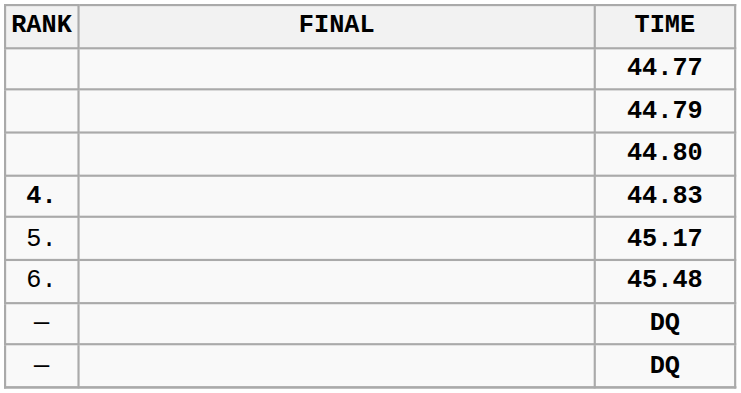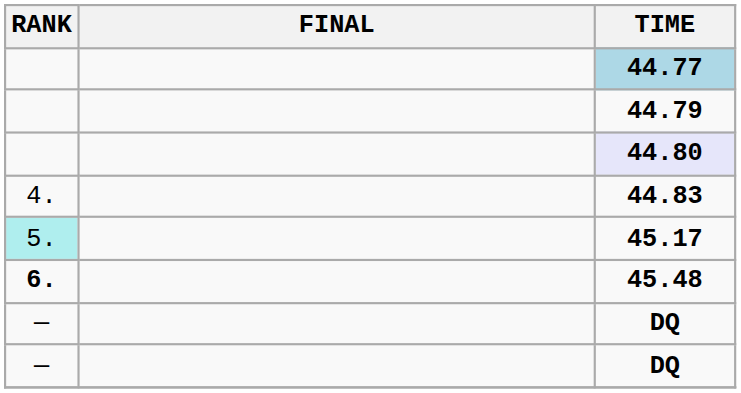 <table class="wikitable" style="border-collapse: collapse; font-size: 90%;">
 <tr>
 <th>RANK</th>
 <th style="width: 20em">FINAL</th>
 <th style="width: 5em">TIME</th>
 </tr>
 <tr>
 <td align="center"></td>
 <td></td>
-<td align="center"><strong>44.77</strong></td>
+<td align="center" style="background: lightblue;"><strong>44.77</strong></td>
 </tr>
 <tr>
 <td align="center"></td>
 <td></td>
 <td align="center"><strong>44.79</strong></td>
 </tr>
 <tr>
 <td align="center"></td>
 <td></td>
-<td align="center"><strong>44.80</strong></td>
+<td align="center" style="background: lavender;"><strong>44.80</strong></td>
 </tr>
 <tr>
-<td align="center"><strong>4.</strong></td>
+<td align="center">4.</td>
 <td></td>
 <td align="center"><strong>44.83</strong></td>
 </tr>
 <tr>
-<td align="center">5.</td>
+<td align="center" style="background: paleturquoise;">5.</td>
 <td></td>
 <td align="center"><strong>45.17</strong></td>
 </tr>
 <tr>
-<td align="center">6.</td>
+<td align="center"><strong>6.</strong></td>
 <td></td>
 <td align="center"><strong>45.48</strong></td>
 </tr>
 <tr>
 <td align="center">—</td>
 <td></td>
 <td align="center"><strong>DQ</strong></td>
 </tr>
 <tr>
 <td align="center">—</td>
 <td></td>
 <td align="center"><strong>DQ</strong></td>
 </tr>
 <tr>
 </tr>
 </table>
